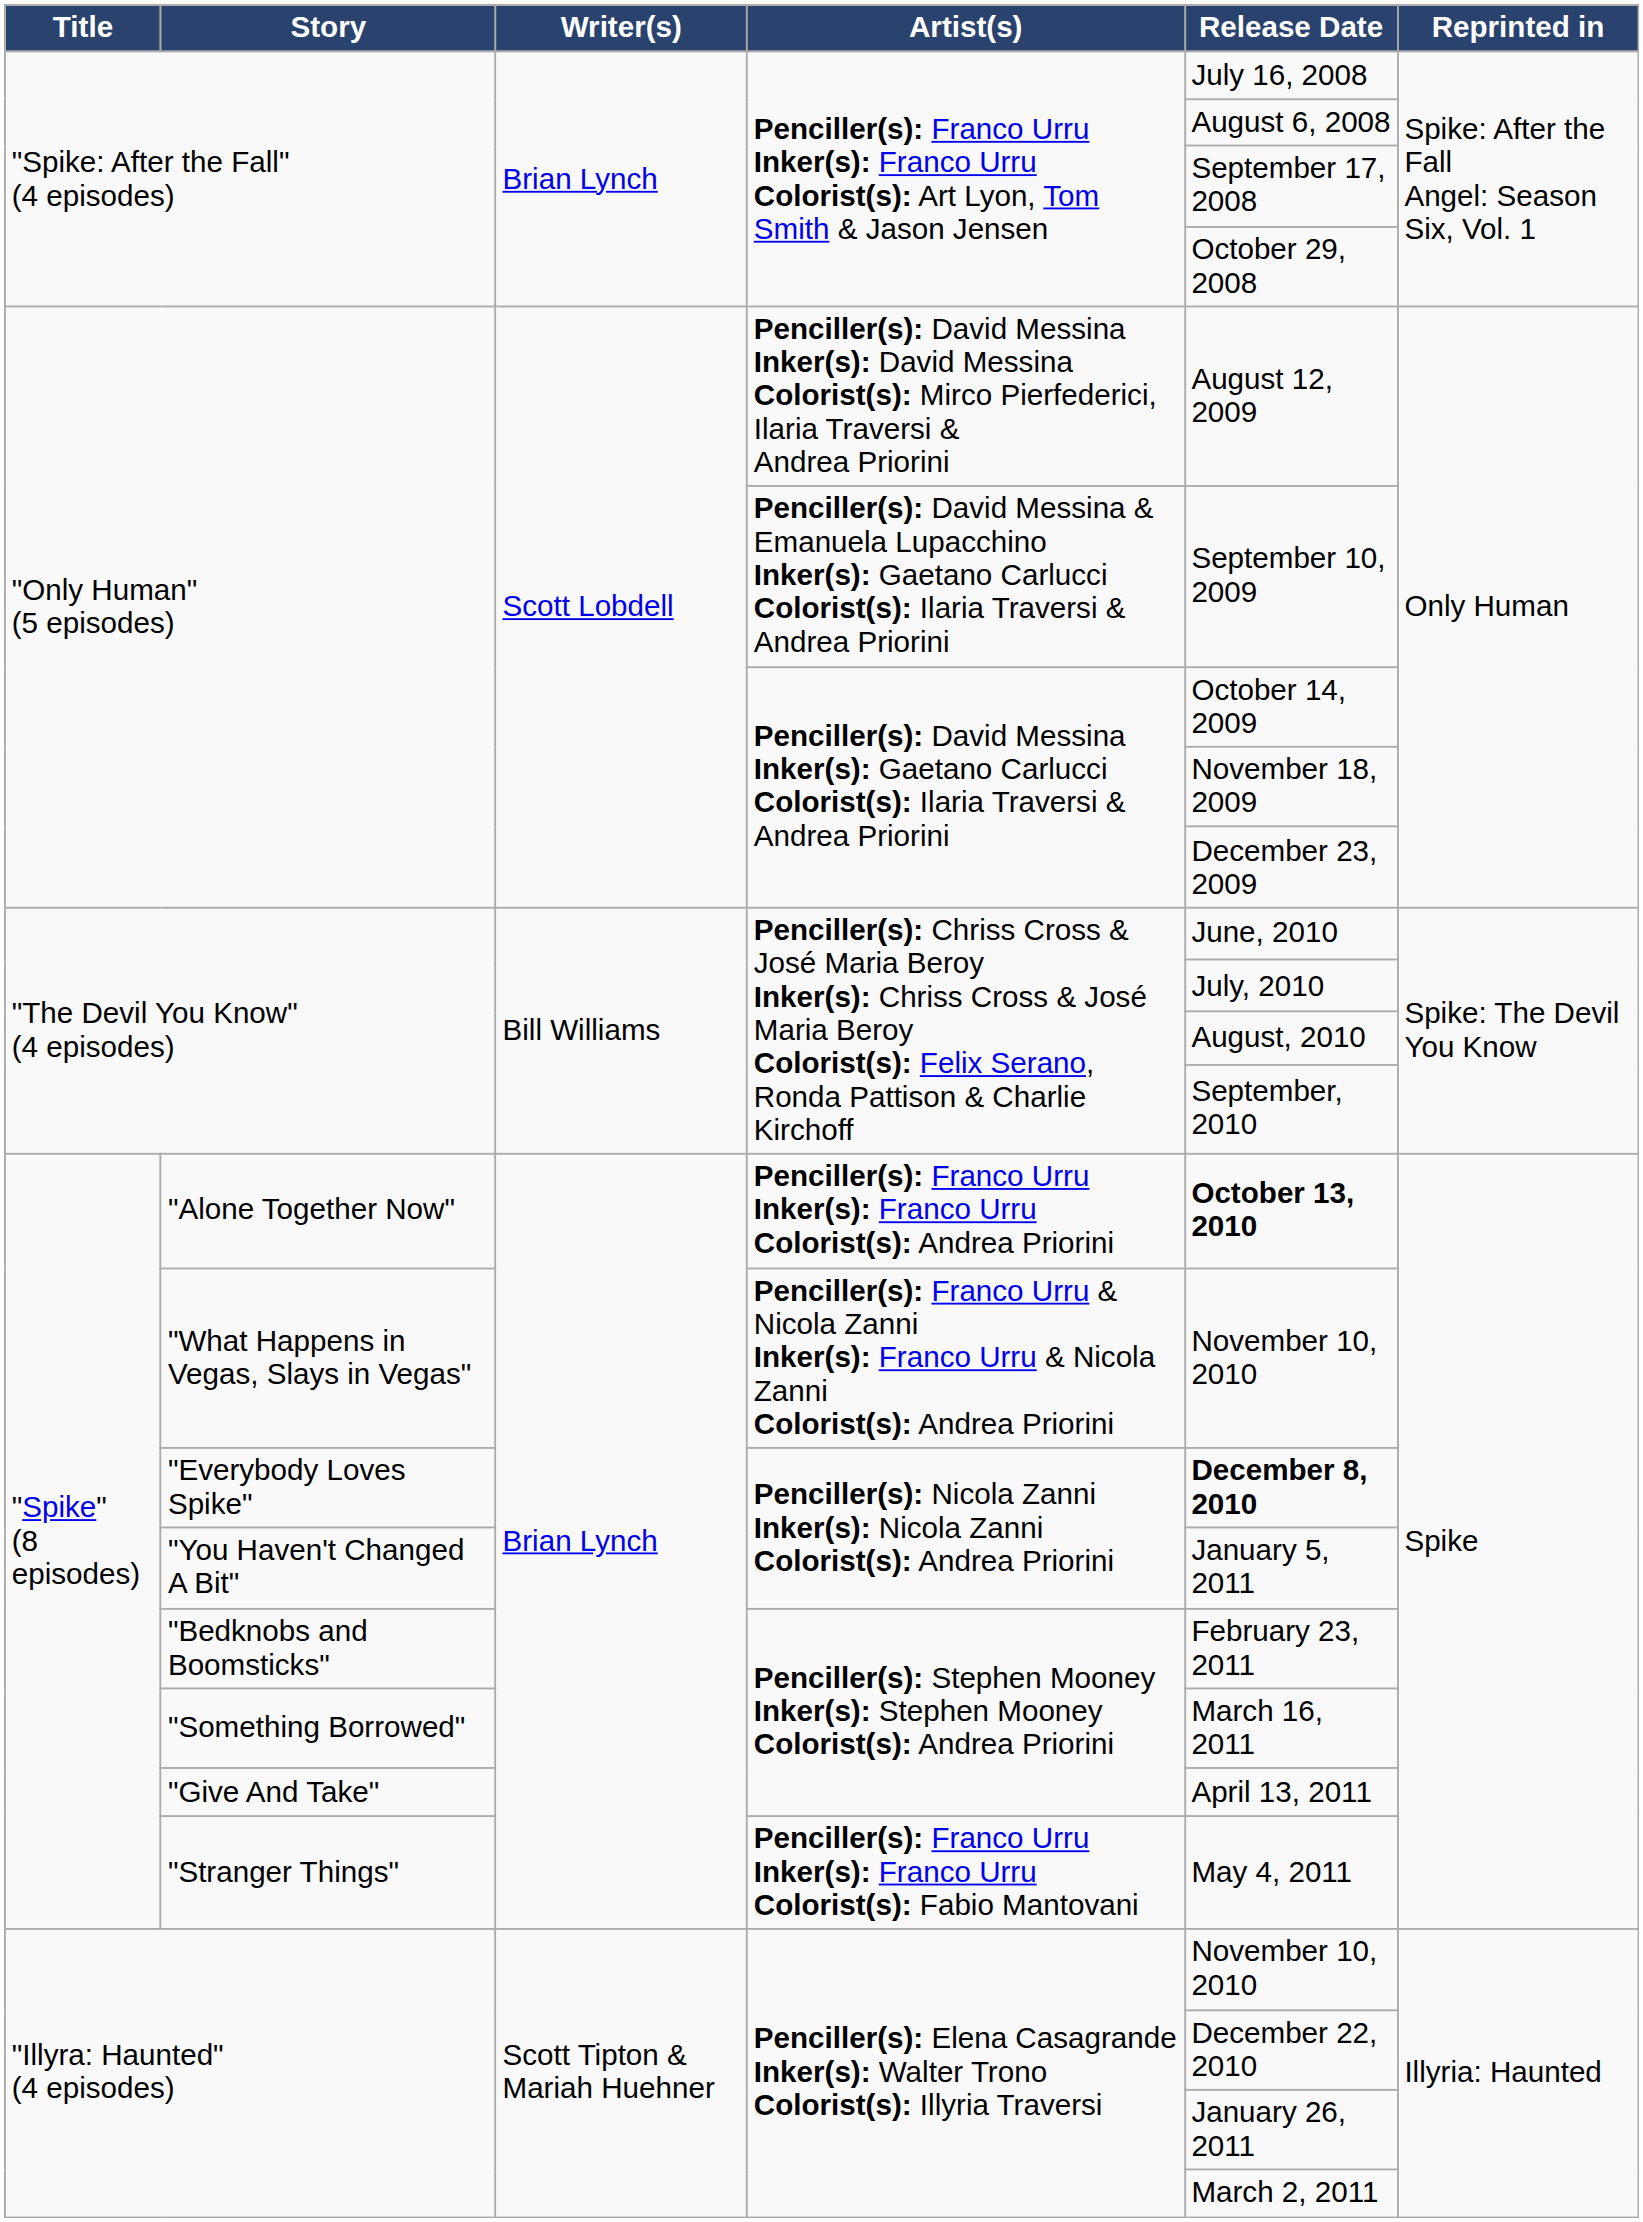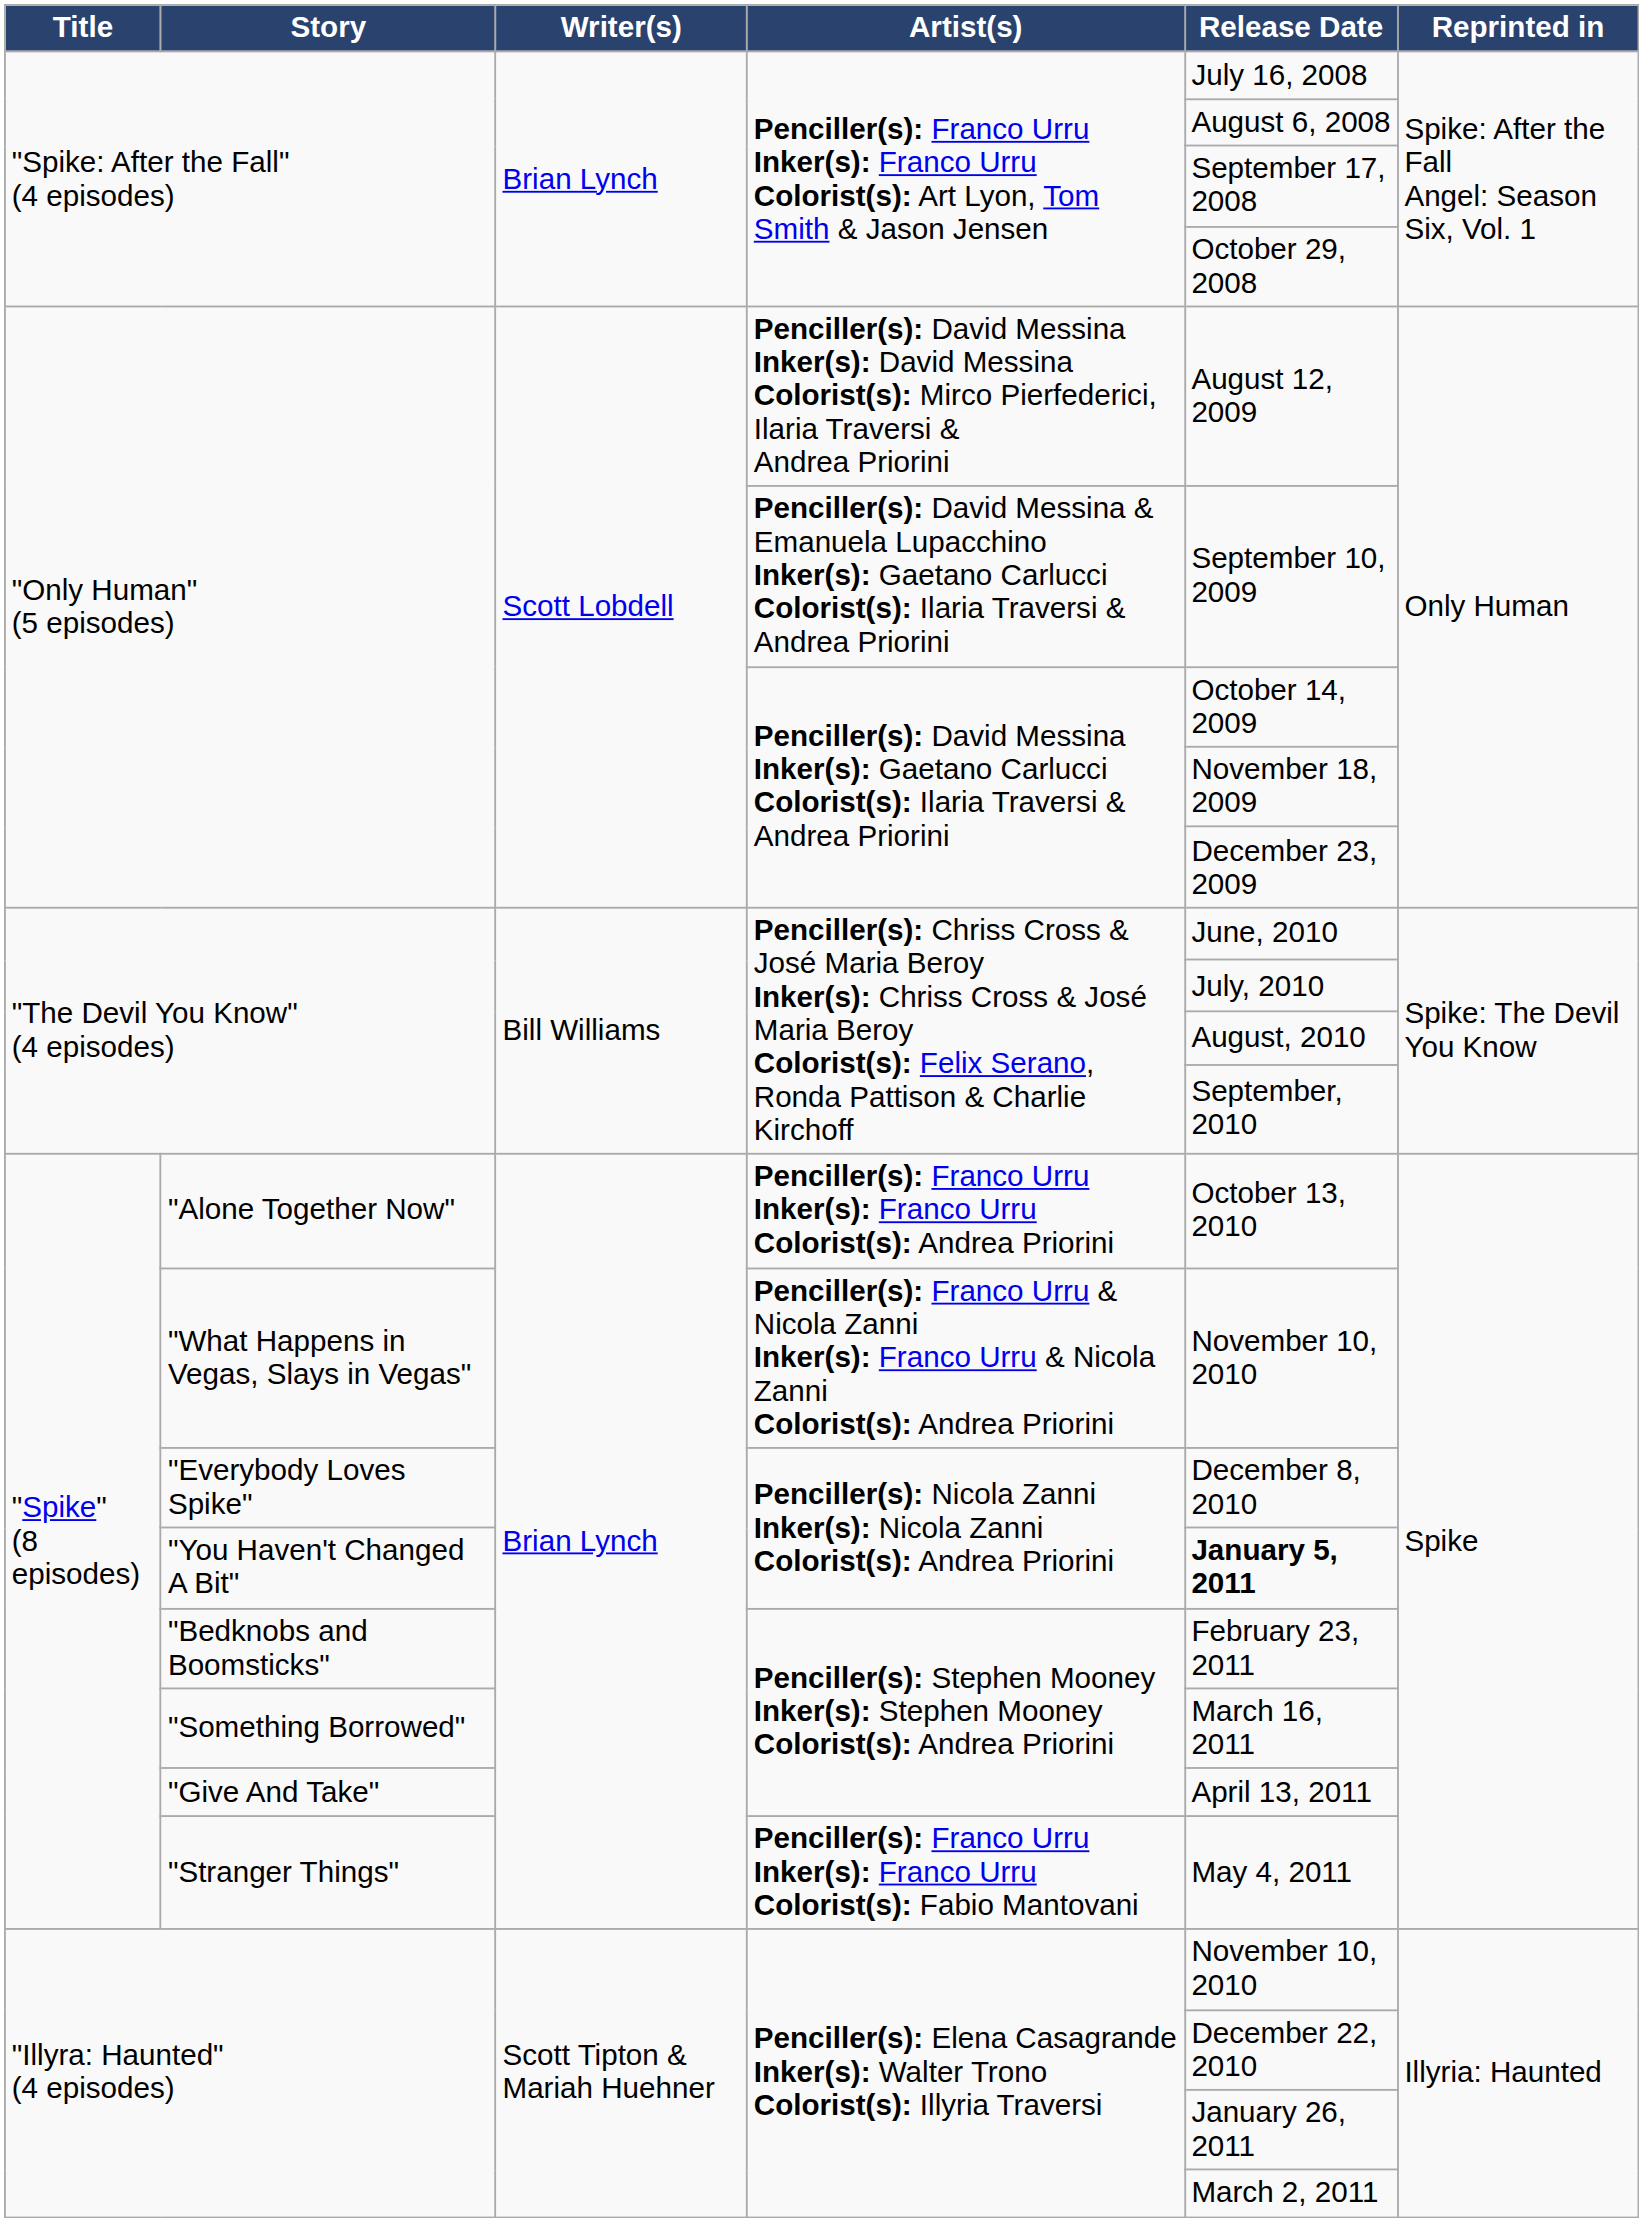 <table style="width: 100%;" class="wikitable">
 <tr>
 <th style="background: #2A426E; color: white;">Title</th>
 <th style="background: #2A426E; color: white;">Story</th>
 <th style="background: #2A426E; color: white;">Writer(s)</th>
 <th style="background: #2A426E; color: white;">Artist(s)</th>
 <th style="background: #2A426E; color: white;">Release Date</th>
 <th style="background: #2A426E; color: white;">Reprinted in</th>
 </tr>
 <tr>
 <td rowspan="4" colspan="2">"Spike: After the Fall"<br>(4 episodes)</td>
 <td rowspan="4"><a href='#'>Brian Lynch</a></td>
 <td rowspan="4"><strong>Penciller(s):</strong> <a href='#'>Franco Urru</a><br><strong>Inker(s):</strong> <a href='#'>Franco Urru</a><br><strong>Colorist(s):</strong> Art Lyon, <a href='#'>Tom Smith</a> & Jason Jensen</td>
 <td>July 16, 2008</td>
 <td rowspan="4">Spike: After the Fall<br>Angel: Season Six, Vol. 1</td>
 </tr>
 <tr>
 <td>August 6, 2008</td>
 </tr>
 <tr>
 <td>September 17, 2008</td>
 </tr>
 <tr>
 <td>October 29, 2008</td>
 </tr>
 <tr>
 <td rowspan="5" colspan="2">"Only Human"<br>(5 episodes)</td>
 <td rowspan="5"><a href='#'>Scott Lobdell</a></td>
 <td><strong>Penciller(s):</strong> David Messina<br><strong>Inker(s):</strong> David Messina<br><strong>Colorist(s):</strong> Mirco Pierfederici, Ilaria Traversi &<br>Andrea Priorini</td>
 <td>August 12, 2009</td>
 <td rowspan="5">Only Human</td>
 </tr>
 <tr>
 <td><strong>Penciller(s):</strong> David Messina & Emanuela Lupacchino<br><strong>Inker(s):</strong> Gaetano Carlucci<br><strong>Colorist(s):</strong> Ilaria Traversi & Andrea Priorini</td>
 <td>September 10, 2009</td>
 </tr>
 <tr>
 <td rowspan="3"><strong>Penciller(s):</strong> David Messina<br><strong>Inker(s):</strong> Gaetano Carlucci<br><strong>Colorist(s):</strong> Ilaria Traversi & Andrea Priorini</td>
 <td>October 14, 2009</td>
 </tr>
 <tr>
 <td>November 18, 2009</td>
 </tr>
 <tr>
 <td>December 23, 2009</td>
 </tr>
 <tr>
 <td rowspan="4" colspan="2">"The Devil You Know"<br>(4 episodes)</td>
 <td rowspan="4">Bill Williams</td>
 <td rowspan="4"><strong>Penciller(s):</strong> Chriss Cross & José Maria Beroy<br><strong>Inker(s):</strong> Chriss Cross & José Maria Beroy<br><strong>Colorist(s):</strong> <a href='#'>Felix Serano</a>, Ronda Pattison & Charlie Kirchoff</td>
 <td>June, 2010</td>
 <td rowspan="4">Spike: The Devil You Know</td>
 </tr>
 <tr>
 <td>July, 2010</td>
 </tr>
 <tr>
 <td>August, 2010</td>
 </tr>
 <tr>
 <td>September, 2010</td>
 </tr>
 <tr>
 <td rowspan="8">"<a href='#'>Spike</a>"<br>(8 episodes)</td>
 <td>"Alone Together Now"</td>
 <td rowspan="8"><a href='#'>Brian Lynch</a></td>
 <td><strong>Penciller(s):</strong> <a href='#'>Franco Urru</a><br><strong>Inker(s):</strong> <a href='#'>Franco Urru</a><br><strong>Colorist(s):</strong> Andrea Priorini</td>
-<td><strong>October 13, 2010</strong></td>
+<td>October 13, 2010</td>
 <td rowspan="8">Spike</td>
 </tr>
 <tr>
 <td>"What Happens in Vegas, Slays in Vegas"</td>
 <td><strong>Penciller(s):</strong> <a href='#'>Franco Urru</a> & Nicola Zanni<br><strong>Inker(s):</strong> <a href='#'>Franco Urru</a> & Nicola Zanni<br><strong>Colorist(s):</strong> Andrea Priorini</td>
 <td>November 10, 2010</td>
 </tr>
 <tr>
 <td>"Everybody Loves Spike"</td>
 <td rowspan="2"><strong>Penciller(s):</strong> Nicola Zanni<br><strong>Inker(s):</strong> Nicola Zanni<br><strong>Colorist(s):</strong> Andrea Priorini</td>
-<td><strong>December 8, 2010</strong></td>
+<td>December 8, 2010</td>
 </tr>
 <tr>
 <td>"You Haven't Changed A Bit"</td>
-<td>January 5, 2011</td>
+<td><strong>January 5, 2011</strong></td>
 </tr>
 <tr>
 <td>"Bedknobs and Boomsticks"</td>
 <td rowspan="3"><strong>Penciller(s):</strong> Stephen Mooney<br><strong>Inker(s):</strong> Stephen Mooney<br><strong>Colorist(s):</strong> Andrea Priorini</td>
 <td>February 23, 2011</td>
 </tr>
 <tr>
 <td>"Something Borrowed"</td>
 <td>March 16, 2011</td>
 </tr>
 <tr>
 <td>"Give And Take"</td>
 <td>April 13, 2011</td>
 </tr>
 <tr>
 <td>"Stranger Things"</td>
 <td><strong>Penciller(s):</strong> <a href='#'>Franco Urru</a><br><strong>Inker(s):</strong> <a href='#'>Franco Urru</a><br><strong>Colorist(s):</strong> Fabio Mantovani</td>
 <td>May 4, 2011</td>
 </tr>
 <tr>
 <td rowspan="4" colspan="2">"Illyra: Haunted"<br>(4 episodes)</td>
 <td rowspan="4">Scott Tipton & Mariah Huehner</td>
 <td rowspan="4"><strong>Penciller(s):</strong> Elena Casagrande<br><strong>Inker(s):</strong> Walter Trono<br><strong>Colorist(s):</strong> Illyria Traversi</td>
 <td>November 10, 2010</td>
 <td rowspan="4">Illyria: Haunted</td>
 </tr>
 <tr>
 <td>December 22, 2010</td>
 </tr>
 <tr>
 <td>January 26, 2011</td>
 </tr>
 <tr>
 <td>March 2, 2011</td>
 </tr>
 </table>
